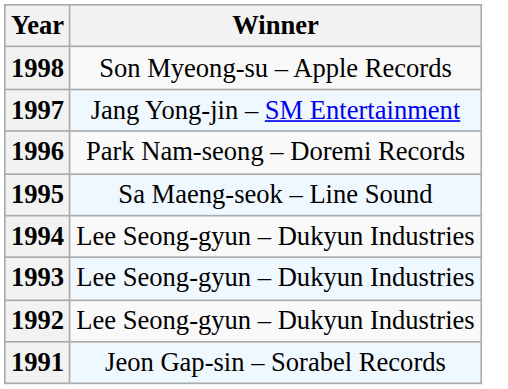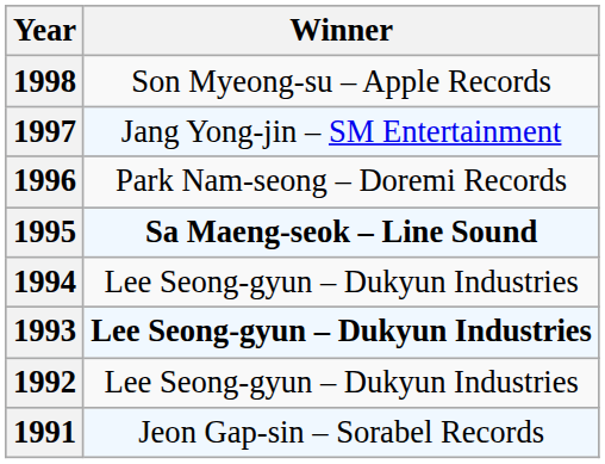 <table class="wikitable plainrowheaders" style="text-align: center;">
 <tr>
 <th scope="col">Year</th>
 <th scope="col">Winner</th>
 </tr>
 <tr>
 <th scope="row" style="text-align:center;">1998</th>
 <td>Son Myeong-su – Apple Records</td>
 </tr>
 <tr style="background:#F0F8FF">
 <th scope="row" style="text-align:center;">1997</th>
 <td>Jang Yong-jin – <a href='#'>SM Entertainment</a></td>
 </tr>
 <tr>
 <th scope="row" style="text-align:center;">1996</th>
 <td>Park Nam-seong – Doremi Records</td>
 </tr>
 <tr style="background:#F0F8FF">
 <th scope="row" style="text-align:center;">1995</th>
-<td>Sa Maeng-seok – Line Sound</td>
+<td><strong>Sa Maeng-seok – Line Sound</strong></td>
 </tr>
 <tr>
 <th scope="row" style="text-align:center;">1994</th>
 <td>Lee Seong-gyun – Dukyun Industries</td>
 </tr>
 <tr style="background:#F0F8FF">
 <th scope="row" style="text-align:center;">1993</th>
-<td>Lee Seong-gyun – Dukyun Industries</td>
+<td><strong>Lee Seong-gyun – Dukyun Industries</strong></td>
 </tr>
 <tr>
 <th scope="row" style="text-align:center;">1992</th>
 <td>Lee Seong-gyun – Dukyun Industries</td>
 </tr>
 <tr style="background:#F0F8FF">
 <th scope="row" style="text-align:center;">1991</th>
 <td>Jeon Gap-sin – Sorabel Records</td>
 </tr>
 </table>
